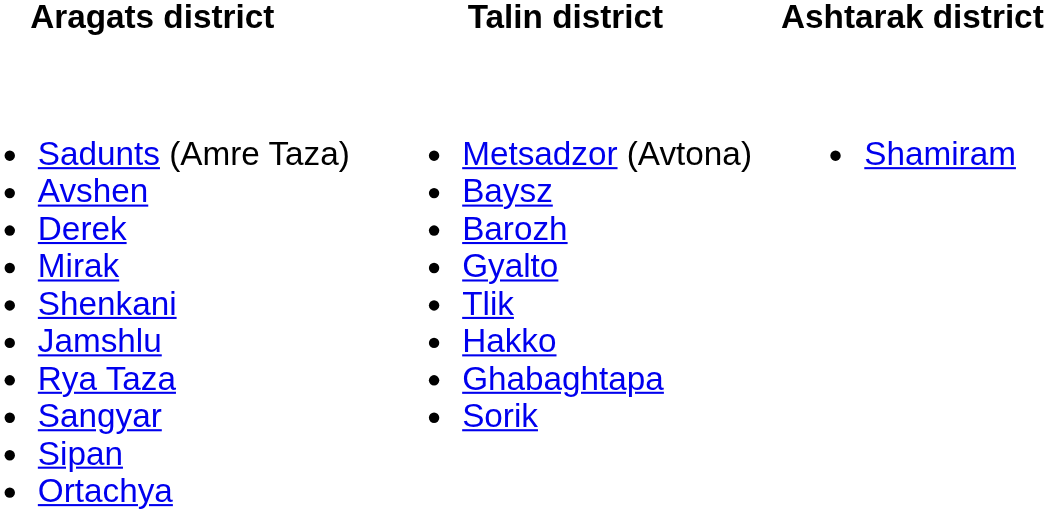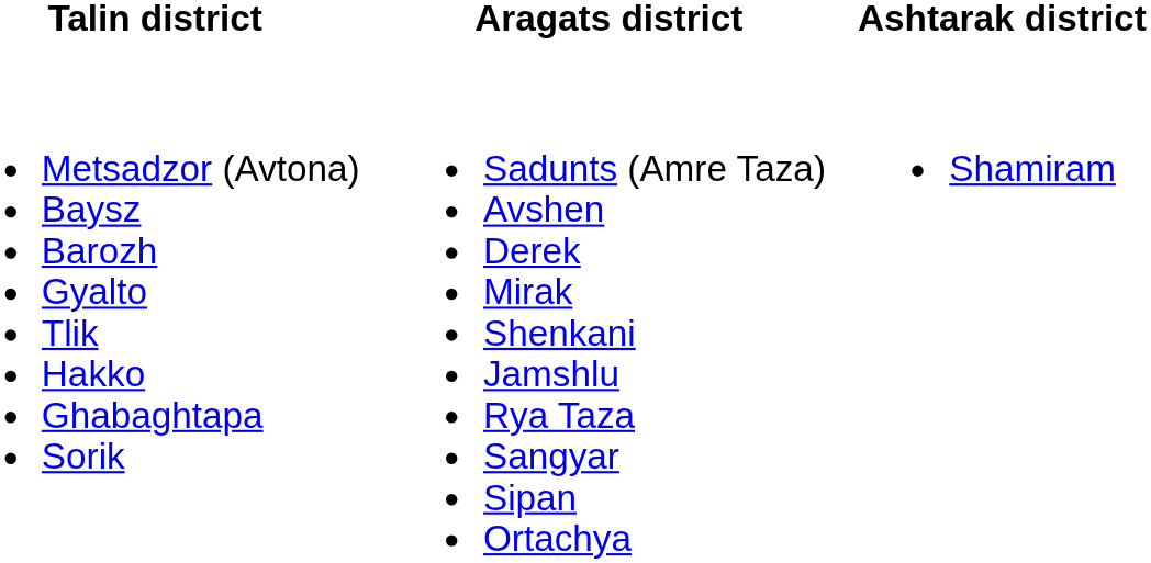 <table cellpadding=6>
 <tr>
+<th>Talin district</th>
 <th>Aragats district</th>
-<th>Talin district</th>
 <th>Ashtarak district</th>
 </tr>
 <tr style="vertical-align:top; white-space:nowrap;">
+<td><br><ul><li><a href='#'>Metsadzor</a> (Avtona)</li><li><a href='#'>Baysz</a></li><li><a href='#'>Barozh</a></li><li><a href='#'>Gyalto</a></li><li><a href='#'>Tlik</a></li><li><a href='#'>Hakko</a></li><li><a href='#'>Ghabaghtapa</a></li><li><a href='#'>Sorik</a></li></ul></td>
 <td><br><ul><li><a href='#'>Sadunts</a> (Amre Taza)</li><li><a href='#'>Avshen</a></li><li><a href='#'>Derek</a></li><li><a href='#'>Mirak</a></li><li><a href='#'>Shenkani</a></li><li><a href='#'>Jamshlu</a></li><li><a href='#'>Rya Taza</a></li><li><a href='#'>Sangyar</a></li><li><a href='#'>Sipan</a></li><li><a href='#'>Ortachya</a></li></ul></td>
-<td><br><ul><li><a href='#'>Metsadzor</a> (Avtona)</li><li><a href='#'>Baysz</a></li><li><a href='#'>Barozh</a></li><li><a href='#'>Gyalto</a></li><li><a href='#'>Tlik</a></li><li><a href='#'>Hakko</a></li><li><a href='#'>Ghabaghtapa</a></li><li><a href='#'>Sorik</a></li></ul></td>
 <td><br><ul><li><a href='#'>Shamiram</a></li></ul></td>
 </tr>
 </table>
